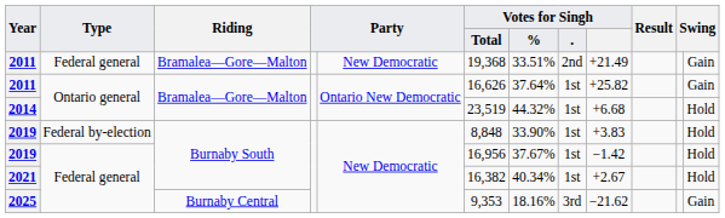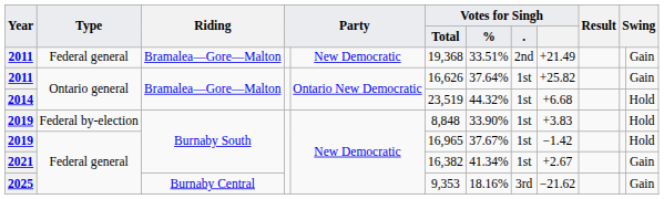 <table class="wikitable" style="font-size:90%; text-align:center;">
 <tr>
 <th rowspan="2" style="background:#eaecf0;">Year</th>
 <th rowspan="2" style="background:#eaecf0;">Type</th>
 <th rowspan="2">Riding</th>
 <th colspan="2" rowspan="2" style="background:#eaecf0;">Party</th>
 <th colspan="4" style="background:#eaecf0;">Votes for Singh</th>
 <th rowspan="2">Result</th>
 <th colspan="2" rowspan="2">Swing</th>
 </tr>
 <tr>
 <th style="background:#eaecf0;">Total</th>
 <th style="background:#eaecf0;">%</th>
 <th style="background:#eaecf0;">.</th>
 <th></th>
 </tr>
 <tr>
 <th><a href='#'>2011</a></th>
 <td>Federal general</td>
 <td><a href='#'>Bramalea—Gore—Malton</a></td>
 <td style="background-color:"></td>
 <td><a href='#'>New Democratic</a></td>
 <td>19,368</td>
 <td>33.51%</td>
 <td>2nd</td>
 <td>+21.49</td>
 <td></td>
 <td style="background-color:"></td>
 <td>Gain</td>
 </tr>
 <tr>
 <th><a href='#'>2011</a></th>
 <td rowspan="2">Ontario general</td>
 <td rowspan="2"><a href='#'>Bramalea—Gore—Malton</a></td>
 <td rowspan="2" style="background-color:"></td>
 <td rowspan="2"><a href='#'>Ontario New Democratic</a></td>
 <td>16,626</td>
 <td>37.64%</td>
 <td>1st</td>
 <td>+25.82</td>
 <td></td>
 <td style="background-color:"></td>
 <td>Gain</td>
 </tr>
 <tr>
 <th><a href='#'>2014</a></th>
 <td>23,519</td>
 <td>44.32%</td>
 <td>1st</td>
 <td>+6.68</td>
 <td></td>
 <td style="background-color:"></td>
 <td>Hold</td>
 </tr>
 <tr>
 <th><a href='#'>2019</a></th>
 <td>Federal by-election</td>
 <td rowspan="3"><a href='#'>Burnaby South</a></td>
 <td rowspan="4" style="background-color:"></td>
 <td rowspan="4"><a href='#'>New Democratic</a></td>
 <td>8,848</td>
 <td>33.90%</td>
 <td>1st</td>
 <td>+3.83</td>
 <td></td>
 <td style="background-color:"></td>
 <td>Hold</td>
 </tr>
 <tr>
 <th><a href='#'>2019</a></th>
 <td rowspan="3">Federal general</td>
-<td>16,956</td>
+<td>16,965</td>
 <td>37.67%</td>
 <td>1st</td>
 <td>−1.42</td>
 <td></td>
 <td style="background-color:"></td>
 <td>Hold</td>
 </tr>
 <tr>
 <th><a href='#'>2021</a></th>
 <td>16,382</td>
-<td>40.34%</td>
+<td>41.34%</td>
 <td>1st</td>
 <td>+2.67</td>
 <td></td>
 <td style="background-color:"></td>
-<td>Hold</td>
+<td>Gain</td>
 </tr>
 <tr>
 <th><a href='#'>2025</a></th>
 <td><a href='#'>Burnaby Central</a></td>
 <td>9,353</td>
 <td>18.16%</td>
 <td>3rd</td>
 <td>−21.62</td>
 <td></td>
 <td style="background-color:"></td>
 <td>Gain</td>
 </tr>
 </table>
